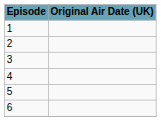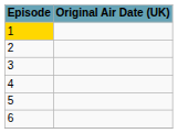 <table class="wikitable plainrowheaders">
 <tr style="color:black">
 <th style="background:#66A3B6;">Episode</th>
 <th style="background:#66A3B6;">Original Air Date (UK)</th>
 </tr>
 <tr>
-<td>1</td>
+<td style="background: gold;">1</td>
 <td></td>
 </tr>
 <tr>
 <td>2</td>
 <td></td>
 </tr>
 <tr>
 <td>3</td>
 <td></td>
 </tr>
 <tr>
 <td>4</td>
 <td></td>
 </tr>
 <tr>
 <td>5</td>
 <td></td>
 </tr>
 <tr>
 <td>6</td>
 <td></td>
 </tr>
 <tr>
 </tr>
 </table>
